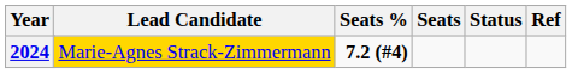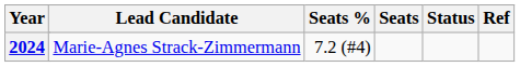 <table class="wikitable" style="text-align:right">
 <tr>
 <th colspan=2>Year</th>
 <th>Lead Candidate</th>
 <th>Seats %</th>
 <th>Seats</th>
 <th>Status</th>
 <th>Ref</th>
 </tr>
 <tr>
 <th colspan=2><a href='#'>2024</a></th>
-<td style="background: gold;"><a href='#'>Marie-Agnes Strack-Zimmermann</a></td>
-<td><strong>7.2 (#4)</strong></td>
+<td><a href='#'>Marie-Agnes Strack-Zimmermann</a></td>
+<td>7.2 (#4)</td>
 <td></td>
 <td></td>
 <td></td>
 </tr>
 </table>
